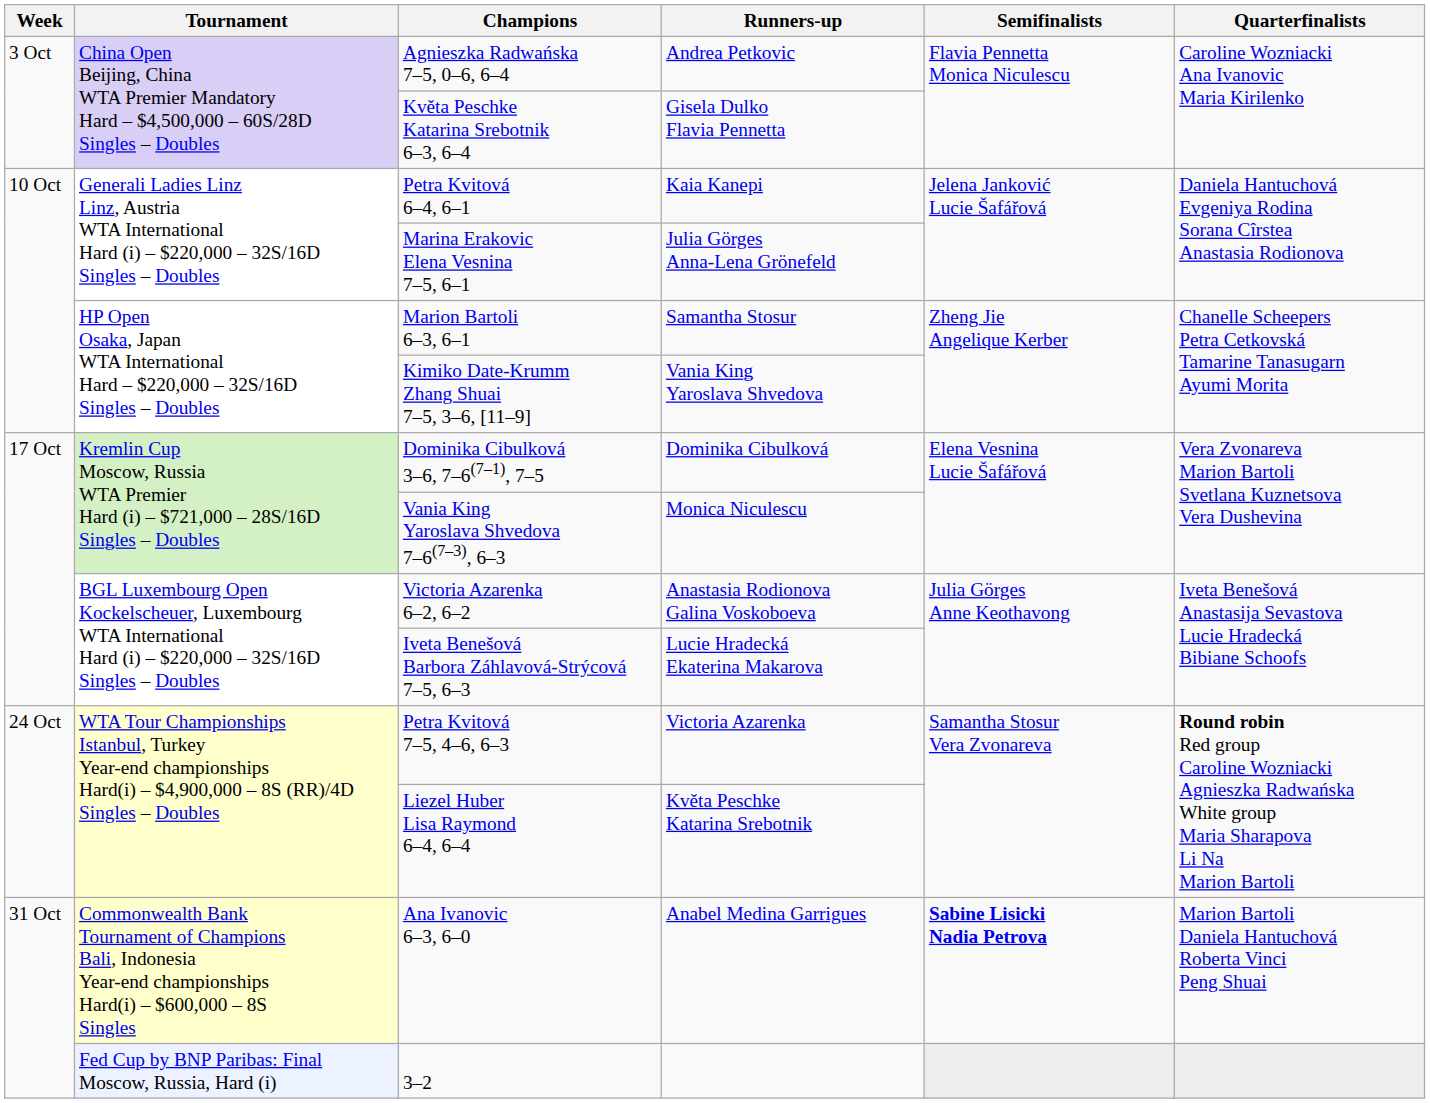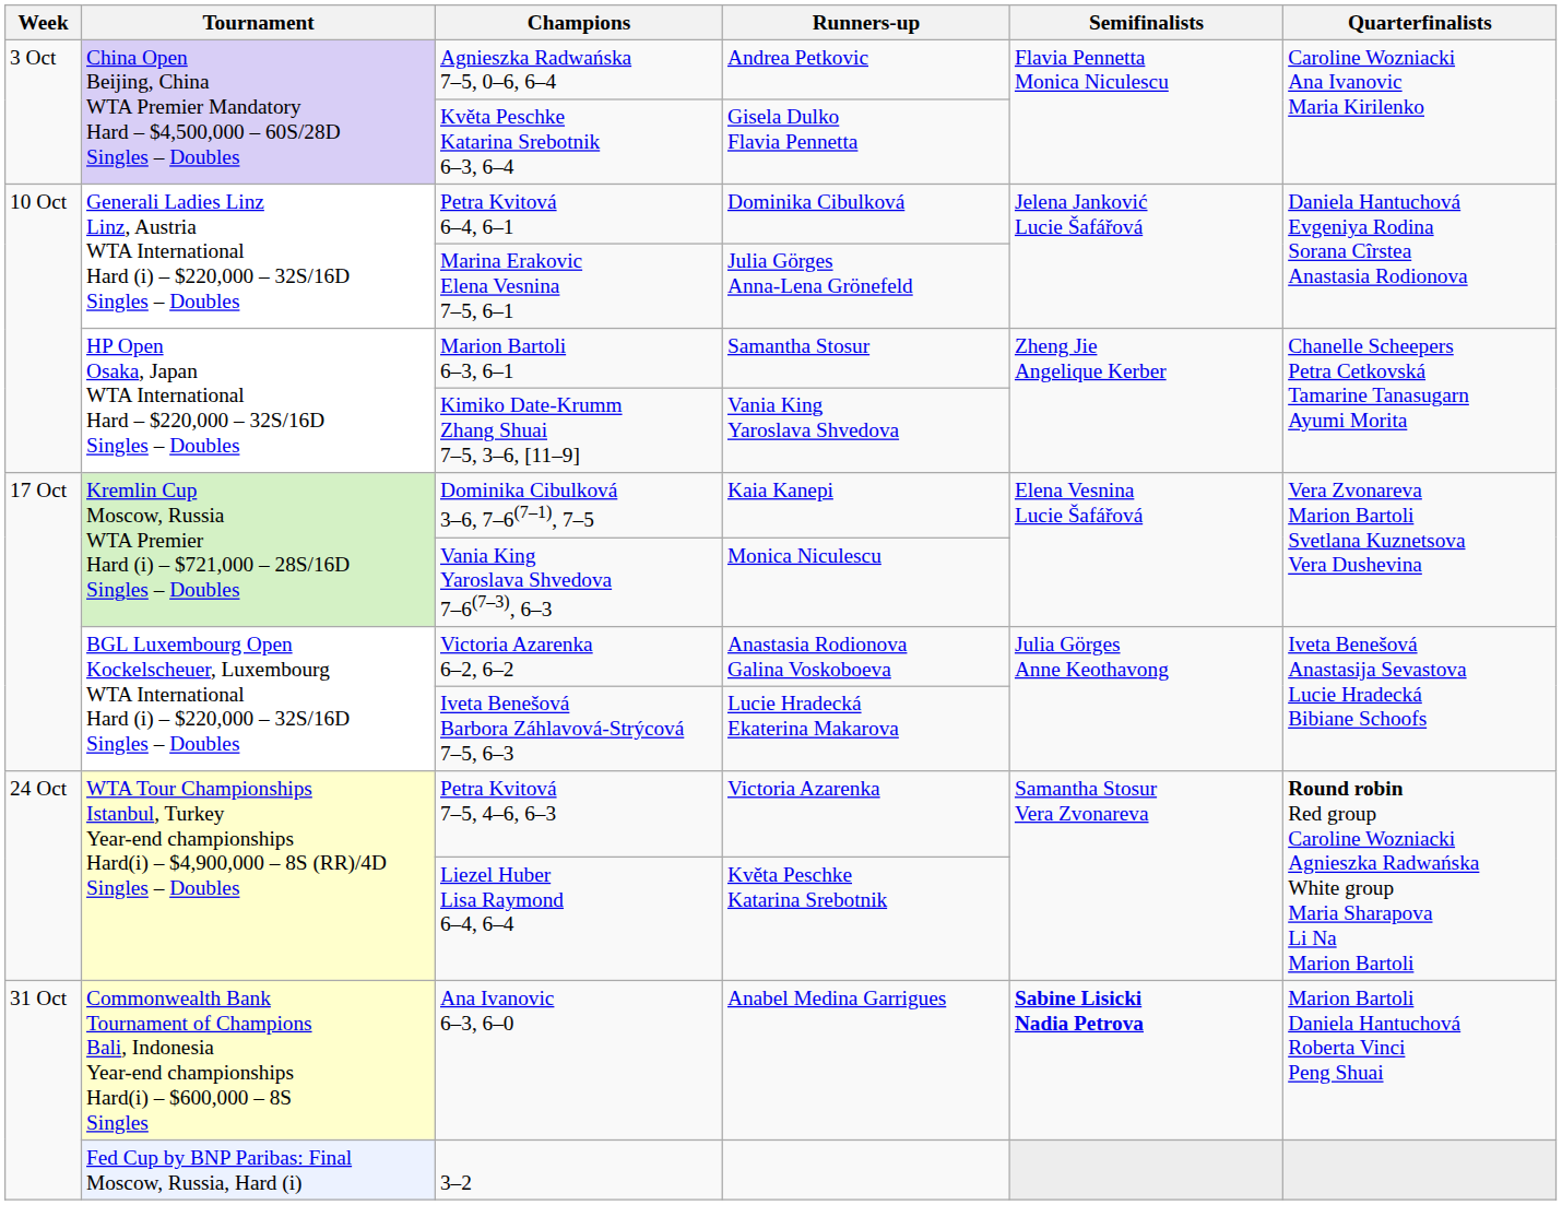 <table class=wikitable style=font-size:95%>
 <tr>
 <th style="width:48px;">Week</th>
 <th style="width:248px;">Tournament</th>
 <th style="width:200px;">Champions</th>
 <th style="width:200px;">Runners-up</th>
 <th style="width:190px;">Semifinalists</th>
 <th style="width:190px;">Quarterfinalists</th>
 </tr>
 <tr valign=top>
 <td rowspan=2>3 Oct</td>
 <td style="background:#d8cef6;" rowspan=2><a href='#'>China Open</a><br> Beijing, China<br>WTA Premier Mandatory <br>Hard – $4,500,000 – 60S/28D<br><a href='#'>Singles</a> – <a href='#'>Doubles</a></td>
 <td> <a href='#'>Agnieszka Radwańska</a><br>7–5, 0–6, 6–4</td>
 <td> <a href='#'>Andrea Petkovic</a></td>
 <td rowspan=2> <a href='#'>Flavia Pennetta</a> <br>  <a href='#'>Monica Niculescu</a></td>
 <td rowspan=2> <a href='#'>Caroline Wozniacki</a><br> <a href='#'>Ana Ivanovic</a> <br> <a href='#'>Maria Kirilenko</a> <br> </td>
 </tr>
 <tr valign=top>
 <td> <a href='#'>Květa Peschke</a><br> <a href='#'>Katarina Srebotnik</a><br> 6–3, 6–4</td>
 <td> <a href='#'>Gisela Dulko</a><br> <a href='#'>Flavia Pennetta</a></td>
 </tr>
 <tr valign=top>
 <td rowspan=4>10 Oct</td>
 <td bgcolor=#ffffff rowspan=2><a href='#'>Generali Ladies Linz</a><br> <a href='#'>Linz</a>, Austria<br>WTA International <br>Hard (i) – $220,000 – 32S/16D<br><a href='#'>Singles</a> – <a href='#'>Doubles</a></td>
 <td> <a href='#'>Petra Kvitová</a><br>6–4, 6–1</td>
-<td> <a href='#'>Kaia Kanepi</a><br> </td>
+<td> <a href='#'>Dominika Cibulková</a></td>
 <td rowspan=2> <a href='#'>Jelena Janković</a><br>  <a href='#'>Lucie Šafářová</a></td>
 <td rowspan=2> <a href='#'>Daniela Hantuchová</a><br>  <a href='#'>Evgeniya Rodina</a> <br> <a href='#'>Sorana Cîrstea</a><br> <a href='#'>Anastasia Rodionova</a></td>
 </tr>
 <tr valign=top>
 <td> <a href='#'>Marina Erakovic</a><br> <a href='#'>Elena Vesnina</a><br> 7–5, 6–1</td>
 <td> <a href='#'>Julia Görges</a><br> <a href='#'>Anna-Lena Grönefeld</a></td>
 </tr>
 <tr valign=top>
 <td bgcolor=#ffffff rowspan=2><a href='#'>HP Open</a><br> <a href='#'>Osaka</a>, Japan<br>WTA International <br>Hard – $220,000 – 32S/16D<br><a href='#'>Singles</a> – <a href='#'>Doubles</a></td>
 <td> <a href='#'>Marion Bartoli</a><br> 6–3, 6–1</td>
 <td> <a href='#'>Samantha Stosur</a><br> </td>
 <td rowspan=2> <a href='#'>Zheng Jie</a><br> <a href='#'>Angelique Kerber</a><br> <br> <br> </td>
 <td rowspan=2> <a href='#'>Chanelle Scheepers</a> <br> <a href='#'>Petra Cetkovská</a> <br> <a href='#'>Tamarine Tanasugarn</a><br>  <a href='#'>Ayumi Morita</a><br> </td>
 </tr>
 <tr valign=top>
 <td> <a href='#'>Kimiko Date-Krumm</a><br> <a href='#'>Zhang Shuai</a><br>7–5, 3–6, [11–9]</td>
 <td> <a href='#'>Vania King</a> <br>  <a href='#'>Yaroslava Shvedova</a></td>
 </tr>
 <tr valign=top>
 <td rowspan=4>17 Oct</td>
 <td style="background:#d4f1c5;" rowspan=2><a href='#'>Kremlin Cup</a><br> Moscow, Russia<br>WTA Premier <br>Hard (i) – $721,000 – 28S/16D<br><a href='#'>Singles</a> – <a href='#'>Doubles</a></td>
 <td> <a href='#'>Dominika Cibulková</a><br> 3–6, 7–6<sup>(7–1)</sup>, 7–5</td>
-<td> <a href='#'>Dominika Cibulková</a></td>
+<td> <a href='#'>Kaia Kanepi</a><br> </td>
 <td rowspan=2> <a href='#'>Elena Vesnina</a> <br>   <a href='#'>Lucie Šafářová</a></td>
 <td rowspan=2> <a href='#'>Vera Zvonareva</a> <br> <a href='#'>Marion Bartoli</a><br> <a href='#'>Svetlana Kuznetsova</a><br> <a href='#'>Vera Dushevina</a></td>
 </tr>
 <tr valign=top>
 <td> <a href='#'>Vania King</a><br> <a href='#'>Yaroslava Shvedova</a><br>7–6<sup>(7–3)</sup>, 6–3</td>
 <td> <a href='#'>Monica Niculescu</a></td>
 </tr>
 <tr valign=top>
 <td bgcolor=#ffffff rowspan=2><a href='#'>BGL Luxembourg Open</a><br> <a href='#'>Kockelscheuer</a>, Luxembourg<br>WTA International <br>Hard (i) – $220,000 – 32S/16D<br><a href='#'>Singles</a> – <a href='#'>Doubles</a></td>
 <td> <a href='#'>Victoria Azarenka</a> <br> 6–2, 6–2</td>
 <td> <a href='#'>Anastasia Rodionova</a> <br>  <a href='#'>Galina Voskoboeva</a></td>
 <td rowspan=2> <a href='#'>Julia Görges</a> <br>  <a href='#'>Anne Keothavong</a></td>
 <td rowspan=2> <a href='#'>Iveta Benešová</a><br> <a href='#'>Anastasija Sevastova</a><br> <a href='#'>Lucie Hradecká</a><br> <a href='#'>Bibiane Schoofs</a></td>
 </tr>
 <tr valign=top>
 <td> <a href='#'>Iveta Benešová</a><br> <a href='#'>Barbora Záhlavová-Strýcová</a><br>7–5, 6–3</td>
 <td> <a href='#'>Lucie Hradecká</a><br> <a href='#'>Ekaterina Makarova</a></td>
 </tr>
 <tr valign=top>
 <td rowspan=2>24 Oct</td>
 <td bgcolor=#ffffcc rowspan=2><a href='#'>WTA Tour Championships</a><br> <a href='#'>Istanbul</a>, Turkey<br>Year-end championships<br>Hard(i) – $4,900,000 – 8S (RR)/4D<br><a href='#'>Singles</a> – <a href='#'>Doubles</a></td>
 <td> <a href='#'>Petra Kvitová</a> <br> 7–5, 4–6, 6–3</td>
 <td> <a href='#'>Victoria Azarenka</a></td>
 <td rowspan=2> <a href='#'>Samantha Stosur</a><br>  <a href='#'>Vera Zvonareva</a></td>
 <td rowspan=2><strong>Round robin</strong><br>Red group<br> <a href='#'>Caroline Wozniacki</a><br> <a href='#'>Agnieszka Radwańska</a><br>White group<br> <a href='#'>Maria Sharapova</a><br> <a href='#'>Li Na</a><br> <a href='#'>Marion Bartoli</a></td>
 </tr>
 <tr valign=top>
 <td> <a href='#'>Liezel Huber</a> <br>  <a href='#'>Lisa Raymond</a><br>6–4, 6–4</td>
 <td> <a href='#'>Květa Peschke</a> <br>  <a href='#'>Katarina Srebotnik</a></td>
 </tr>
 <tr valign=top>
 <td rowspan=2>31 Oct</td>
 <td bgcolor=#ffffcc><a href='#'>Commonwealth Bank<br>Tournament of Champions</a><br> <a href='#'>Bali</a>, Indonesia<br>Year-end championships<br>Hard(i) – $600,000 – 8S<br><a href='#'>Singles</a></td>
 <td> <a href='#'>Ana Ivanovic</a> <br> 6–3, 6–0</td>
 <td> <a href='#'>Anabel Medina Garrigues</a></td>
 <td><strong> <a href='#'>Sabine Lisicki</a><br>  <a href='#'>Nadia Petrova</a></strong></td>
 <td> <a href='#'>Marion Bartoli</a> <br> <a href='#'>Daniela Hantuchová</a> <br> <a href='#'>Roberta Vinci</a> <br>  <a href='#'>Peng Shuai</a></td>
 </tr>
 <tr valign=top>
 <td bgcolor=#ECF2FF><a href='#'>Fed Cup by BNP Paribas: Final</a><br> Moscow, Russia, Hard (i) <br></td>
 <td><br>3–2</td>
 <td></td>
 <td bgcolor=#ededed></td>
 <td bgcolor=#ededed></td>
 </tr>
 </table>
